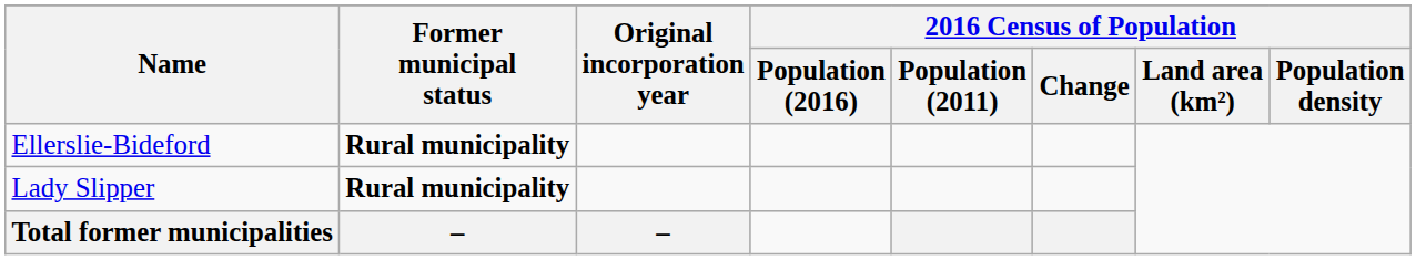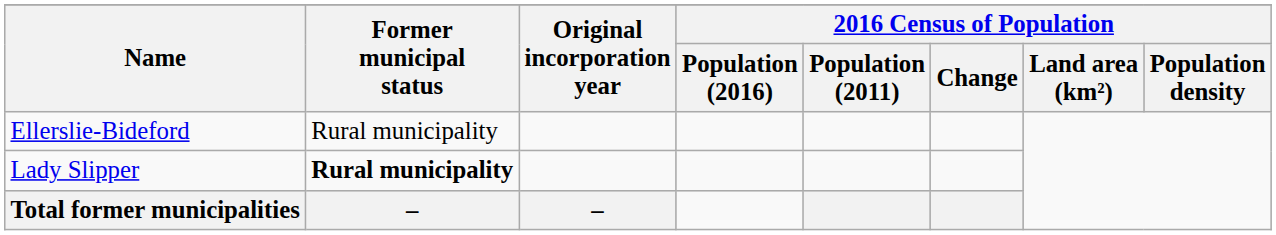 <table class="wikitable sortable collapsible">
 <tr class="sorttop" align="center">
 </tr>
 <tr>
 <th scope="col" rowspan=2>Name</th>
 <th scope="col" rowspan=2>Former<br>municipal<br>status</th>
 <th scope="col" rowspan=2>Original<br>incorporation<br>year</th>
 <th scope="col" colspan=5><a href='#'>2016 Census of Population</a></th>
 </tr>
 <tr>
 <th scope="col">Population<br>(2016)</th>
 <th scope="col">Population<br>(2011)</th>
 <th scope="col">Change</th>
 <th scope="col">Land area<br>(km²)</th>
 <th scope="col" data-sort-type="number">Population<br>density</th>
 </tr>
 <tr>
 <td scope="row"><a href='#'>Ellerslie-Bideford</a></td>
-<td><strong>Rural municipality</strong></td>
+<td>Rural municipality</td>
 <td align=center></td>
 <td></td>
 <td align=center></td>
 <td align=center></td>
 </tr>
 <tr>
 <td scope="row"><a href='#'>Lady Slipper</a></td>
 <td><strong>Rural municipality</strong></td>
 <td align=center></td>
 <td></td>
 <td align=center></td>
 <td align=center></td>
 </tr>
 <tr class="sortbottom" align="center">
 <th scope="col" align="center">Total former municipalities</th>
 <th scope="col" align="center">–</th>
 <th scope="col" align="center">–</th>
 <td></td>
 <th scope="col" align="center"></th>
 <th scope="col" align="center"></th>
 </tr>
 </table>
